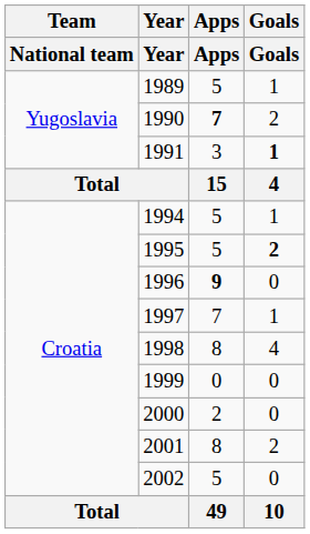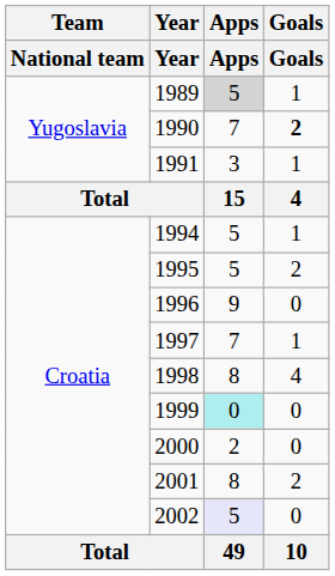 <table class="wikitable" style="text-align:center">
 <tr>
 <th>Team</th>
 <th>Year</th>
 <th>Apps</th>
 <th>Goals</th>
 </tr>
 <tr>
 <th>National team</th>
 <th>Year</th>
 <th>Apps</th>
 <th>Goals</th>
 </tr>
 <tr>
 <td rowspan="3"><a href='#'>Yugoslavia</a></td>
 <td>1989</td>
-<td>5</td>
+<td style="background: lightgrey;">5</td>
 <td>1</td>
 </tr>
 <tr>
 <td>1990</td>
-<td><strong>7</strong></td>
-<td>2</td>
+<td>7</td>
+<td><strong>2</strong></td>
 </tr>
 <tr>
 <td>1991</td>
 <td>3</td>
-<td><strong>1</strong></td>
+<td>1</td>
 </tr>
 <tr>
 <th colspan="2">Total</th>
 <th>15</th>
 <th>4</th>
 </tr>
 <tr>
 <td rowspan="9"><a href='#'>Croatia</a></td>
 <td>1994</td>
 <td>5</td>
 <td>1</td>
 </tr>
 <tr>
 <td>1995</td>
 <td>5</td>
-<td><strong>2</strong></td>
+<td>2</td>
 </tr>
 <tr>
 <td>1996</td>
-<td><strong>9</strong></td>
+<td>9</td>
 <td>0</td>
 </tr>
 <tr>
 <td>1997</td>
 <td>7</td>
 <td>1</td>
 </tr>
 <tr>
 <td>1998</td>
 <td>8</td>
 <td>4</td>
 </tr>
 <tr>
 <td>1999</td>
-<td>0</td>
+<td style="background: paleturquoise;">0</td>
 <td>0</td>
 </tr>
 <tr>
 <td>2000</td>
 <td>2</td>
 <td>0</td>
 </tr>
 <tr>
 <td>2001</td>
 <td>8</td>
 <td>2</td>
 </tr>
 <tr>
 <td>2002</td>
-<td>5</td>
+<td style="background: lavender;">5</td>
 <td>0</td>
 </tr>
 <tr>
 <th colspan="2">Total</th>
 <th>49</th>
 <th>10</th>
 </tr>
 </table>
